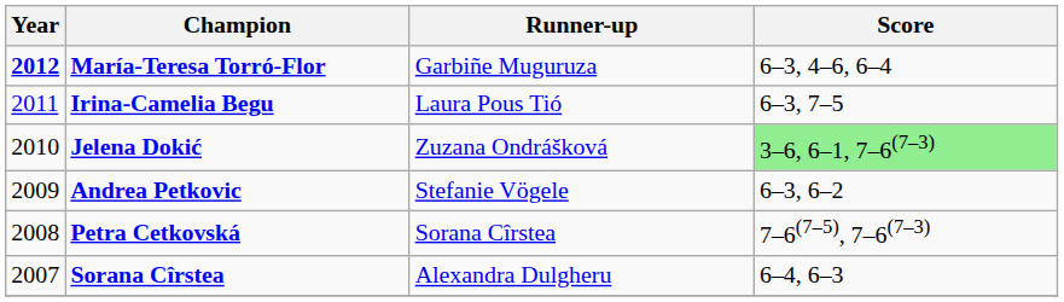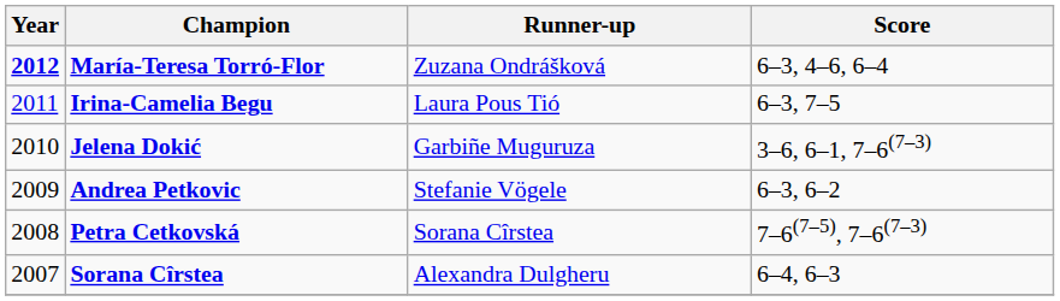 <table class="wikitable" style="font-size:90%">
 <tr>
 <th>Year</th>
 <th width="200">Champion</th>
 <th width="200">Runner-up</th>
 <th width="175">Score</th>
 </tr>
 <tr>
 <td><strong><a href='#'>2012</a></strong></td>
 <td> <strong><a href='#'>María-Teresa Torró-Flor</a></strong></td>
-<td> <a href='#'>Garbiñe Muguruza</a></td>
+<td> <a href='#'>Zuzana Ondrášková</a></td>
 <td>6–3,  4–6, 6–4</td>
 </tr>
 <tr>
 <td><a href='#'>2011</a></td>
 <td> <strong><a href='#'>Irina-Camelia Begu</a></strong></td>
 <td> <a href='#'>Laura Pous Tió</a></td>
 <td>6–3, 7–5</td>
 </tr>
 <tr>
 <td>2010</td>
 <td> <strong><a href='#'>Jelena Dokić</a></strong></td>
-<td> <a href='#'>Zuzana Ondrášková</a></td>
-<td style="background: lightgreen;">3–6, 6–1, 7–6<sup>(7–3)</sup></td>
+<td> <a href='#'>Garbiñe Muguruza</a></td>
+<td>3–6, 6–1, 7–6<sup>(7–3)</sup></td>
 </tr>
 <tr>
 <td>2009</td>
 <td> <strong><a href='#'>Andrea Petkovic</a></strong></td>
 <td> <a href='#'>Stefanie Vögele</a></td>
 <td>6–3, 6–2</td>
 </tr>
 <tr>
 <td>2008</td>
 <td> <strong><a href='#'>Petra Cetkovská</a></strong></td>
 <td> <a href='#'>Sorana Cîrstea</a></td>
 <td>7–6<sup>(7–5)</sup>, 7–6<sup>(7–3)</sup></td>
 </tr>
 <tr>
 <td>2007</td>
 <td> <strong><a href='#'>Sorana Cîrstea</a></strong></td>
 <td> <a href='#'>Alexandra Dulgheru</a></td>
 <td>6–4, 6–3</td>
 </tr>
 <tr>
 </tr>
 </table>
